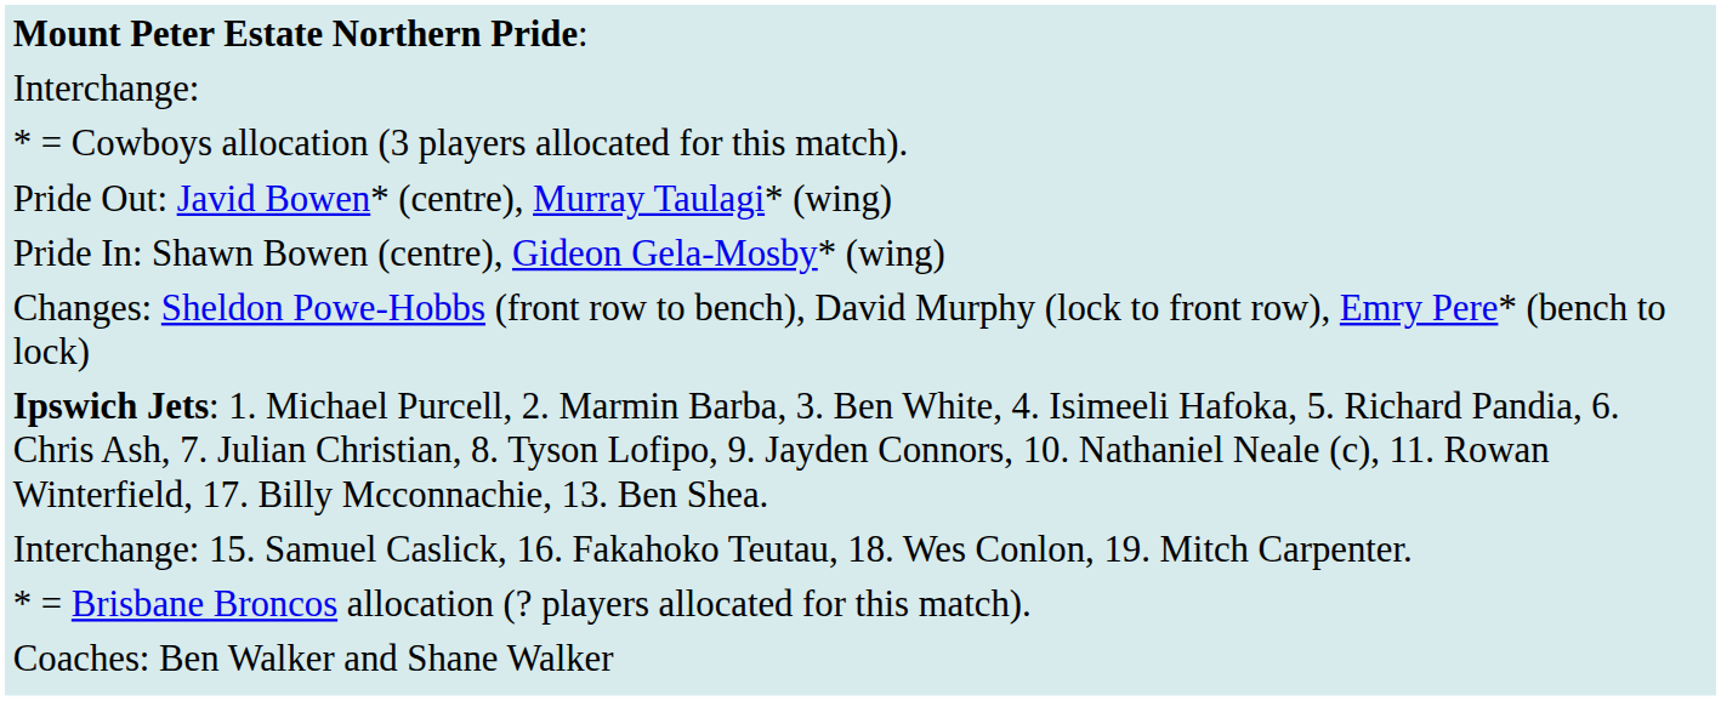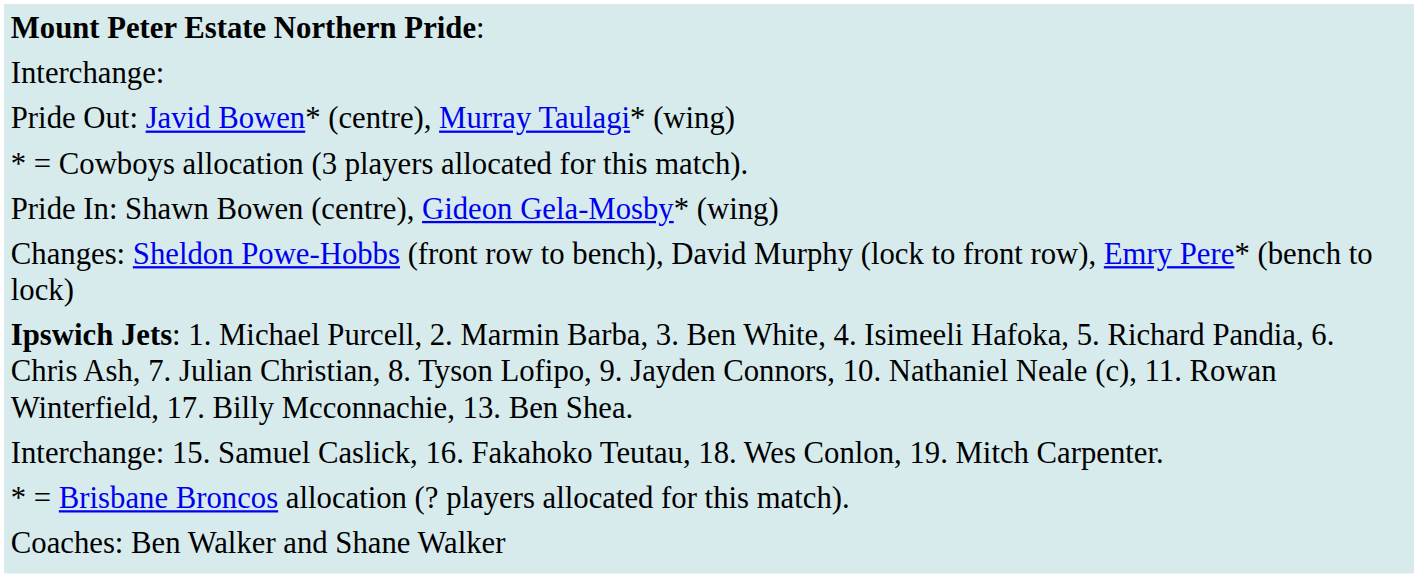 <table style="background:#d7ebed; font-size:85%; width:100%;">
 <tr>
 <td><strong>Mount Peter Estate Northern Pride</strong>:             </td>
 </tr>
 <tr>
 <td>Interchange:    </td>
 </tr>
 <tr>
-<td>* = Cowboys allocation (3 players allocated for this match).</td>
+<td>Pride Out: <a href='#'>Javid Bowen</a>* (centre), <a href='#'>Murray Taulagi</a>* (wing)</td>
 </tr>
 <tr>
-<td>Pride Out: <a href='#'>Javid Bowen</a>* (centre), <a href='#'>Murray Taulagi</a>* (wing)</td>
+<td>* = Cowboys allocation (3 players allocated for this match).</td>
 </tr>
 <tr>
 <td>Pride In: Shawn Bowen (centre), <a href='#'>Gideon Gela-Mosby</a>* (wing)</td>
 </tr>
 <tr>
 <td>Changes: <a href='#'>Sheldon Powe-Hobbs</a> (front row to bench), David Murphy (lock to front row), <a href='#'>Emry Pere</a>* (bench to lock)</td>
 </tr>
 <tr>
 <td><strong>Ipswich Jets</strong>: 1. Michael Purcell, 2. Marmin Barba, 3. Ben White, 4. Isimeeli Hafoka, 5. Richard Pandia, 6. Chris Ash, 7. Julian Christian, 8. Tyson Lofipo, 9. Jayden Connors, 10. Nathaniel Neale (c), 11. Rowan Winterfield, 17. Billy Mcconnachie, 13. Ben Shea.</td>
 </tr>
 <tr>
 <td>Interchange: 15. Samuel Caslick, 16. Fakahoko Teutau, 18. Wes Conlon, 19. Mitch Carpenter.</td>
 </tr>
 <tr>
 <td>* = <a href='#'>Brisbane Broncos</a> allocation (? players allocated for this match).</td>
 </tr>
 <tr>
 <td>Coaches: Ben Walker and Shane Walker</td>
 </tr>
 <tr>
 </tr>
 </table>
